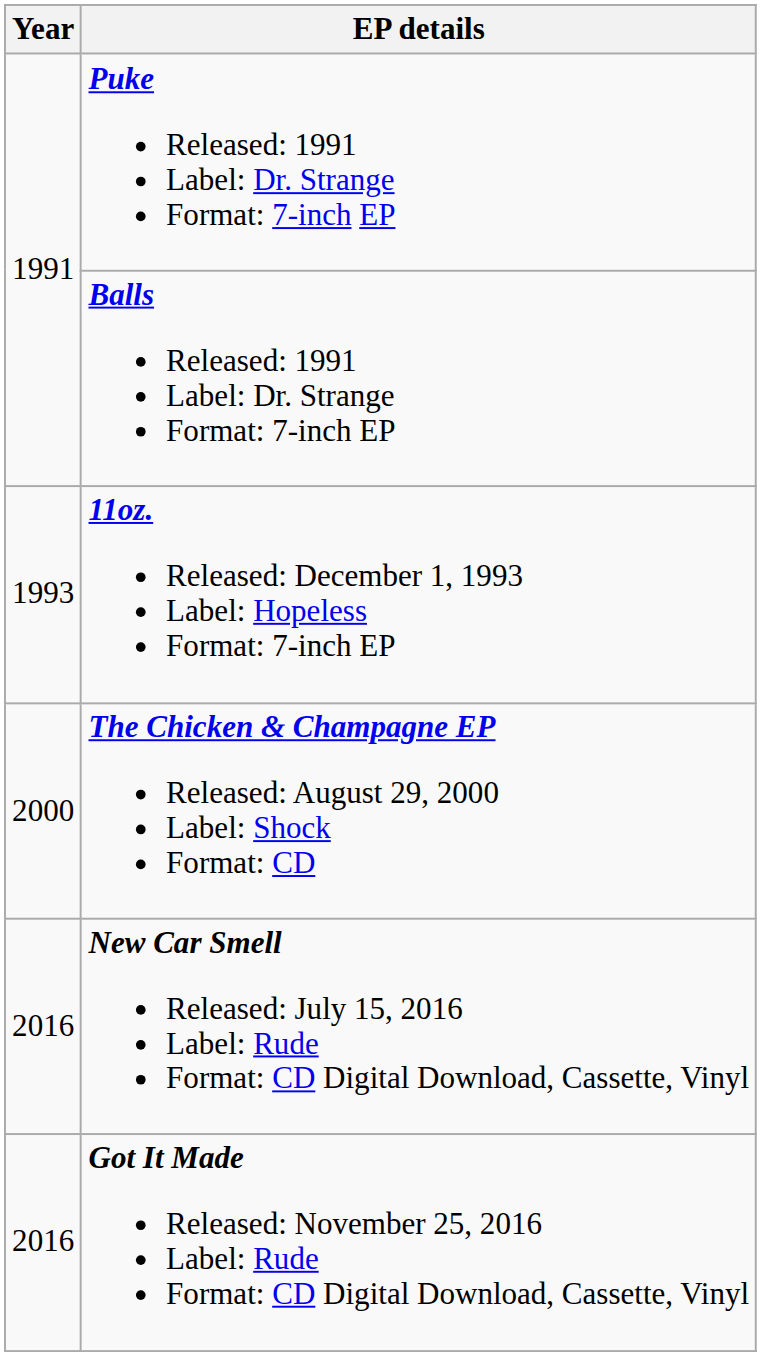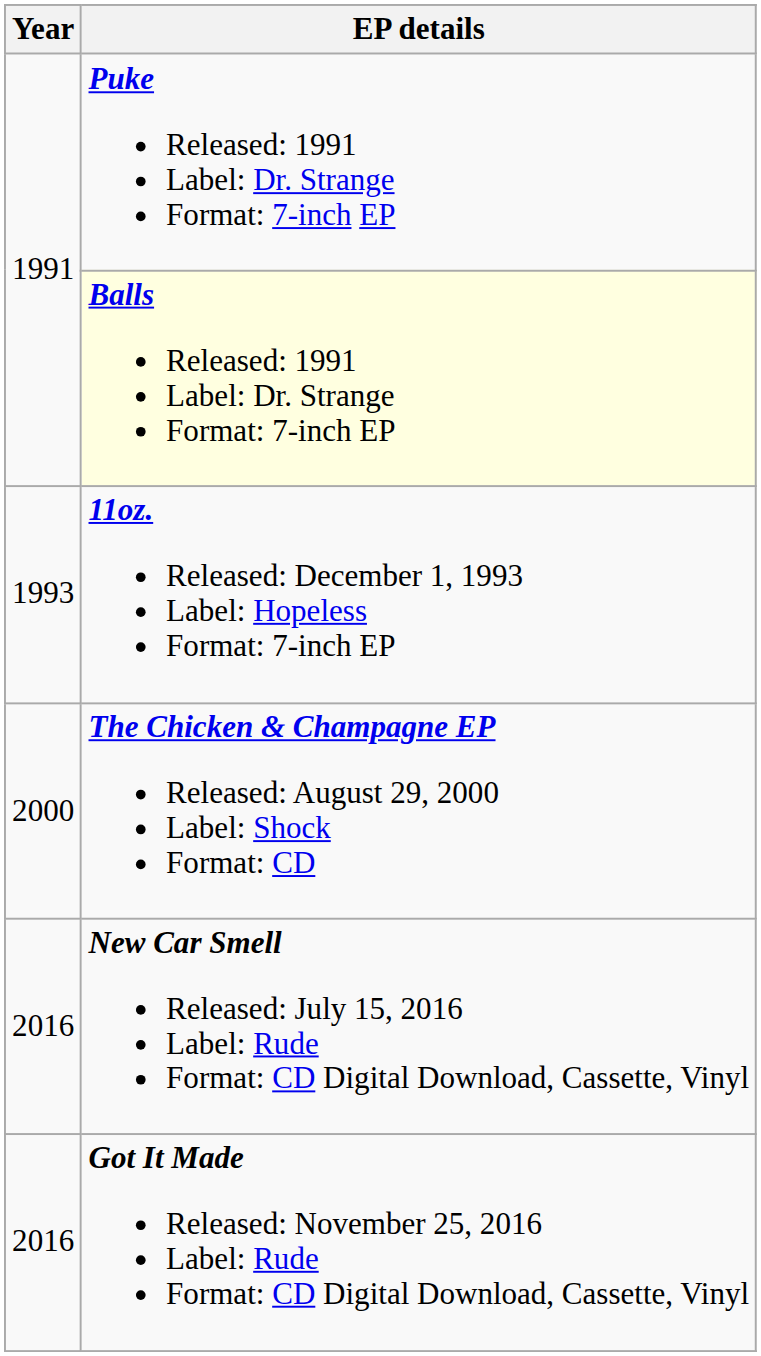 <table class ="wikitable">
 <tr>
 <th>Year</th>
 <th>EP details</th>
 </tr>
 <tr>
 <td rowspan="2">1991</td>
 <td><strong><em><a href='#'>Puke</a></em></strong><br><ul><li>Released: 1991</li><li>Label: <a href='#'>Dr. Strange</a></li><li>Format: <a href='#'>7-inch</a> <a href='#'>EP</a></li></ul></td>
 </tr>
 <tr>
-<td><strong><em><a href='#'>Balls</a></em></strong><br><ul><li>Released: 1991</li><li>Label: Dr. Strange</li><li>Format: 7-inch EP</li></ul></td>
+<td style="background: lightyellow;"><strong><em><a href='#'>Balls</a></em></strong><br><ul><li>Released: 1991</li><li>Label: Dr. Strange</li><li>Format: 7-inch EP</li></ul></td>
 </tr>
 <tr>
 <td>1993</td>
 <td><strong><em><a href='#'>11oz.</a></em></strong><br><ul><li>Released: December 1, 1993</li><li>Label: <a href='#'>Hopeless</a></li><li>Format: 7-inch EP</li></ul></td>
 </tr>
 <tr>
 <td>2000</td>
 <td><strong><em><a href='#'>The Chicken & Champagne EP</a></em></strong><br><ul><li>Released: August 29, 2000</li><li>Label: <a href='#'>Shock</a></li><li>Format: <a href='#'>CD</a></li></ul></td>
 </tr>
 <tr>
 <td>2016</td>
 <td><strong><em>New Car Smell </em></strong><br><ul><li>Released: July 15, 2016</li><li>Label: <a href='#'>Rude</a></li><li>Format: <a href='#'>CD</a> Digital Download, Cassette, Vinyl</li></ul></td>
 </tr>
 <tr>
 <td>2016</td>
 <td><strong><em>Got It Made </em></strong><br><ul><li>Released: November 25, 2016</li><li>Label: <a href='#'>Rude</a></li><li>Format: <a href='#'>CD</a> Digital Download, Cassette, Vinyl</li></ul></td>
 </tr>
 <tr>
 </tr>
 </table>
